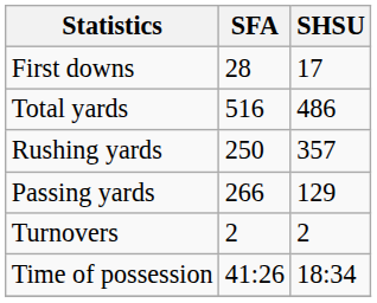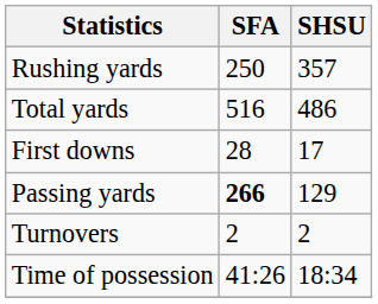 <table class="wikitable">
 <tr>
 <th>Statistics</th>
 <th>SFA</th>
 <th>SHSU</th>
 </tr>
 <tr>
-<td>First downs</td>
-<td>28</td>
-<td>17</td>
+<td>Rushing yards</td>
+<td>250</td>
+<td>357</td>
 </tr>
 <tr>
 <td>Total yards</td>
 <td>516</td>
 <td>486</td>
 </tr>
 <tr>
-<td>Rushing yards</td>
-<td>250</td>
-<td>357</td>
+<td>First downs</td>
+<td>28</td>
+<td>17</td>
 </tr>
 <tr>
 <td>Passing yards</td>
-<td>266</td>
+<td><strong>266</strong></td>
 <td>129</td>
 </tr>
 <tr>
 <td>Turnovers</td>
 <td>2</td>
 <td>2</td>
 </tr>
 <tr>
 <td>Time of possession</td>
 <td>41:26</td>
 <td>18:34</td>
 </tr>
 <tr>
 </tr>
 </table>
